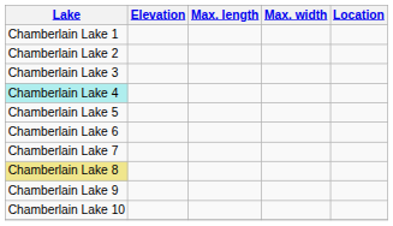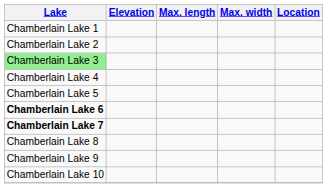 <table class="wikitable sortable">
 <tr>
 <th><a href='#'>Lake</a></th>
 <th><a href='#'>Elevation</a></th>
 <th><a href='#'>Max. length</a></th>
 <th><a href='#'>Max. width</a></th>
 <th><a href='#'>Location</a></th>
 </tr>
 <tr>
 <td>Chamberlain Lake 1</td>
 <td></td>
 <td></td>
 <td></td>
 <td></td>
 </tr>
 <tr>
 <td>Chamberlain Lake 2</td>
 <td></td>
 <td></td>
 <td></td>
 <td></td>
 </tr>
 <tr>
-<td>Chamberlain Lake 3</td>
+<td style="background: lightgreen;">Chamberlain Lake 3</td>
 <td></td>
 <td></td>
 <td></td>
 <td></td>
 </tr>
 <tr>
-<td style="background: paleturquoise;">Chamberlain Lake 4</td>
+<td>Chamberlain Lake 4</td>
 <td></td>
 <td></td>
 <td></td>
 <td></td>
 </tr>
 <tr>
 <td>Chamberlain Lake 5</td>
 <td></td>
 <td></td>
 <td></td>
 <td></td>
 </tr>
 <tr>
-<td>Chamberlain Lake 6</td>
+<td><strong>Chamberlain Lake 6</strong></td>
 <td></td>
 <td></td>
 <td></td>
 <td></td>
 </tr>
 <tr>
-<td>Chamberlain Lake 7</td>
+<td><strong>Chamberlain Lake 7</strong></td>
 <td></td>
 <td></td>
 <td></td>
 <td></td>
 </tr>
 <tr>
-<td style="background: khaki;">Chamberlain Lake 8</td>
+<td>Chamberlain Lake 8</td>
 <td></td>
 <td></td>
 <td></td>
 <td></td>
 </tr>
 <tr>
 <td>Chamberlain Lake 9</td>
 <td></td>
 <td></td>
 <td></td>
 <td></td>
 </tr>
 <tr>
 <td>Chamberlain Lake 10</td>
 <td></td>
 <td></td>
 <td></td>
 <td></td>
 </tr>
 <tr>
 </tr>
 </table>
